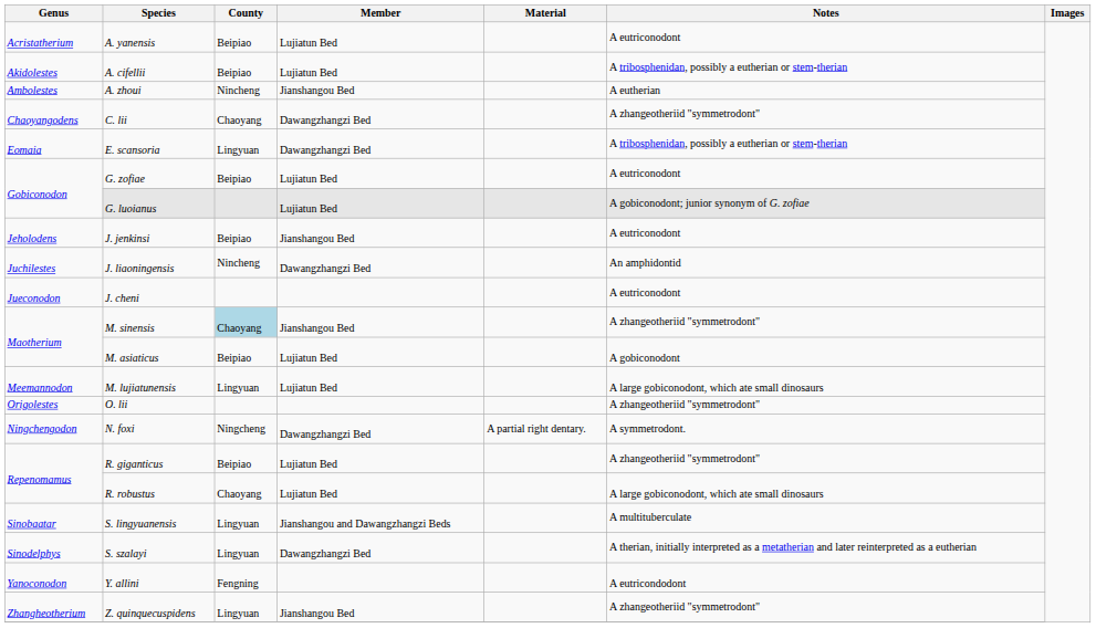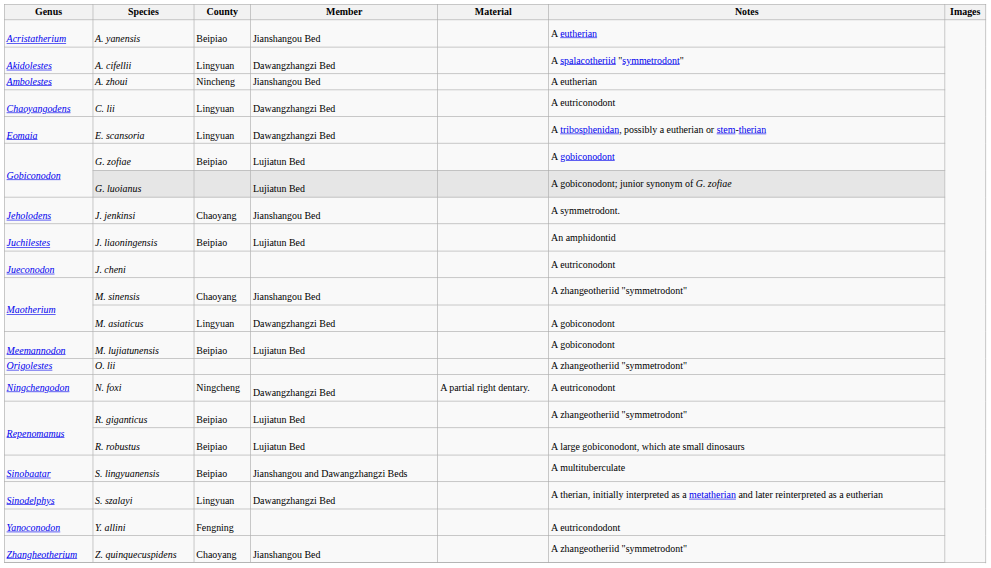 <table class="wikitable" align="center" width="100%">
 <tr>
 <th>Genus</th>
 <th>Species</th>
 <th>County</th>
 <th>Member</th>
 <th>Material</th>
 <th>Notes</th>
 <th>Images</th>
 </tr>
 <tr>
 <td><br><em><a href='#'>Acristatherium</a></em></td>
 <td><br><em>A. yanensis</em></td>
 <td><br>Beipiao</td>
-<td><br>Lujiatun Bed</td>
+<td><br>Jianshangou Bed</td>
 <td></td>
-<td>A eutriconodont</td>
+<td>A <a href='#'>eutherian</a></td>
 <td rowspan="101"><br>   <br></td>
 </tr>
 <tr>
 <td><br><em><a href='#'>Akidolestes</a></em></td>
 <td><br><em>A. cifellii</em></td>
-<td><br>Beipiao</td>
-<td><br>Lujiatun Bed</td>
+<td><br>Lingyuan</td>
+<td><br>Dawangzhangzi Bed</td>
 <td></td>
-<td>A <a href='#'>tribosphenidan</a>, possibly a eutherian or <a href='#'>stem</a>-<a href='#'>therian</a></td>
+<td>A <a href='#'>spalacotheriid</a> "<a href='#'>symmetrodont</a>"</td>
 </tr>
 <tr>
 <td><em><a href='#'>Ambolestes</a></em></td>
 <td><em>A. zhoui</em></td>
 <td>Nincheng</td>
 <td>Jianshangou Bed</td>
 <td></td>
 <td>A eutherian</td>
 </tr>
 <tr>
 <td><br><em><a href='#'>Chaoyangodens</a></em></td>
 <td><br><em>C. lii</em></td>
-<td><br>Chaoyang</td>
+<td><br>Lingyuan</td>
 <td><br>Dawangzhangzi Bed</td>
 <td></td>
-<td>A zhangeotheriid "symmetrodont"</td>
+<td>A eutriconodont</td>
 </tr>
 <tr>
 <td><br><em><a href='#'>Eomaia</a></em></td>
 <td><br><em>E. scansoria</em></td>
 <td><br>Lingyuan</td>
 <td><br>Dawangzhangzi Bed</td>
 <td></td>
 <td>A <a href='#'>tribosphenidan</a>, possibly a eutherian or <a href='#'>stem</a>-<a href='#'>therian</a></td>
 </tr>
 <tr>
 <td rowspan="2"><br><em><a href='#'>Gobiconodon</a></em></td>
 <td><br><em>G. zofiae</em></td>
 <td><br>Beipiao</td>
 <td><br>Lujiatun Bed</td>
 <td></td>
-<td>A eutriconodont</td>
+<td>A <a href='#'>gobiconodont</a></td>
 </tr>
 <tr>
 <td style="background:#E6E6E6;"><br><em>G. luoianus</em></td>
 <td style="background:#E6E6E6;"></td>
 <td style="background:#E6E6E6;"><br>Lujiatun Bed</td>
 <td style="background:#E6E6E6;"></td>
 <td style="background:#E6E6E6;">A gobiconodont; junior synonym of  <em>G. zofiae</em></td>
 </tr>
 <tr>
 <td><br><em><a href='#'>Jeholodens</a></em></td>
 <td><br><em>J. jenkinsi</em></td>
-<td><br>Beipiao</td>
+<td><br>Chaoyang</td>
 <td><br>Jianshangou Bed</td>
 <td></td>
-<td>A eutriconodont</td>
+<td>A symmetrodont.</td>
 </tr>
 <tr>
 <td><br><em><a href='#'>Juchilestes</a></em></td>
 <td><br><em>J. liaoningensis</em></td>
-<td>Nincheng</td>
-<td><br>Dawangzhangzi Bed</td>
+<td><br>Beipiao</td>
+<td><br>Lujiatun Bed</td>
 <td></td>
 <td>An amphidontid</td>
 </tr>
 <tr>
 <td><br><em><a href='#'>Jueconodon</a></em></td>
 <td><br><em>J. cheni</em></td>
 <td></td>
 <td></td>
 <td></td>
 <td>A eutriconodont</td>
 </tr>
 <tr>
 <td rowspan = 2><br><em><a href='#'>Maotherium</a></em></td>
 <td><br><em>M. sinensis</em></td>
-<td style="background: lightblue;"><br>Chaoyang</td>
+<td><br>Chaoyang</td>
 <td><br>Jianshangou Bed</td>
 <td></td>
 <td>A zhangeotheriid "symmetrodont"</td>
 </tr>
 <tr>
 <td><br><em>M. asiaticus</em></td>
-<td><br>Beipiao</td>
-<td><br>Lujiatun Bed</td>
+<td><br>Lingyuan</td>
+<td><br>Dawangzhangzi Bed</td>
 <td></td>
 <td><br>A gobiconodont</td>
 </tr>
 <tr>
 <td><br><em><a href='#'>Meemannodon</a></em></td>
 <td><br><em>M. lujiatunensis</em></td>
-<td><br>Lingyuan</td>
+<td><br>Beipiao</td>
 <td><br>Lujiatun Bed</td>
 <td></td>
-<td><br>A large gobiconodont, which ate small dinosaurs</td>
+<td>A gobiconodont</td>
 </tr>
 <tr>
 <td><em><a href='#'>Origolestes</a></em></td>
 <td><em>O. lii</em></td>
 <td></td>
 <td></td>
 <td></td>
 <td>A zhangeotheriid "symmetrodont"</td>
 </tr>
 <tr>
 <td><em><a href='#'>Ningchengodon</a></em></td>
 <td><em>N. foxi</em></td>
 <td>Ningcheng</td>
 <td><br>Dawangzhangzi Bed</td>
 <td>A partial right dentary.</td>
-<td>A symmetrodont.</td>
+<td>A eutriconodont</td>
 </tr>
 <tr>
 <td rowspan="2"><br><em><a href='#'>Repenomamus</a></em></td>
 <td><br><em>R. giganticus</em></td>
 <td><br>Beipiao</td>
 <td><br>Lujiatun Bed</td>
 <td></td>
 <td>A zhangeotheriid "symmetrodont"</td>
 </tr>
 <tr>
 <td><br><em>R. robustus</em></td>
-<td><br>Chaoyang</td>
+<td><br>Beipiao</td>
 <td><br>Lujiatun Bed</td>
 <td></td>
 <td><br>A large gobiconodont, which ate small dinosaurs</td>
 </tr>
 <tr>
 <td><br><em><a href='#'>Sinobaatar</a></em></td>
 <td><br><em>S. lingyuanensis</em></td>
-<td><br>Lingyuan</td>
+<td><br>Beipiao</td>
 <td><br>Jianshangou and Dawangzhangzi Beds</td>
 <td></td>
 <td>A multituberculate</td>
 </tr>
 <tr>
 <td><br><em><a href='#'>Sinodelphys</a></em></td>
 <td><br><em>S. szalayi</em></td>
 <td><br>Lingyuan</td>
 <td><br>Dawangzhangzi Bed</td>
 <td></td>
 <td>A therian, initially interpreted as a <a href='#'>metatherian</a> and later reinterpreted as a eutherian</td>
 </tr>
 <tr>
 <td><br><em><a href='#'>Yanoconodon</a></em></td>
 <td><br><em>Y. allini</em></td>
 <td><br>Fengning</td>
 <td></td>
 <td></td>
 <td><br>A eutricondodont</td>
 </tr>
 <tr>
 <td><br><em><a href='#'>Zhangheotherium</a></em></td>
 <td><br><em>Z. quinquecuspidens</em></td>
-<td><br>Lingyuan</td>
+<td><br>Chaoyang</td>
 <td><br>Jianshangou Bed</td>
 <td></td>
 <td>A zhangeotheriid "symmetrodont"</td>
 </tr>
 <tr>
 </tr>
 </table>
